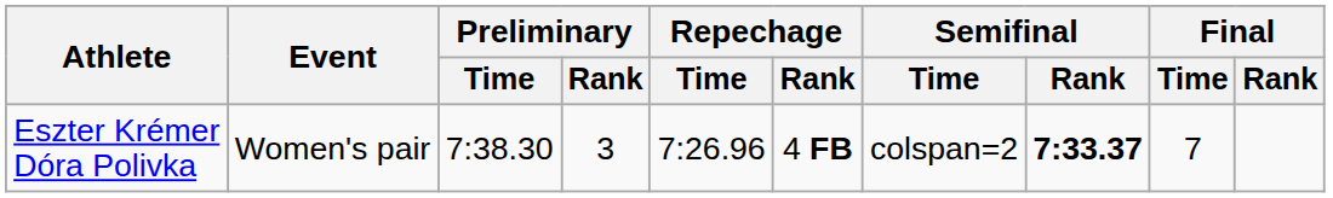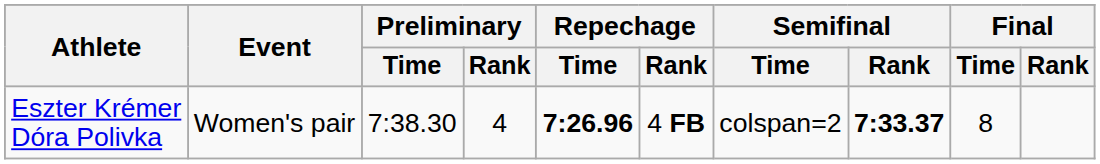 <table class="wikitable" style="font-size:90%">
 <tr>
 <th rowspan=2>Athlete</th>
 <th rowspan=2>Event</th>
 <th colspan="2">Preliminary</th>
 <th colspan="2">Repechage</th>
 <th colspan="2">Semifinal</th>
 <th colspan="2">Final</th>
 </tr>
 <tr style="font-size:95%">
 <th>Time</th>
 <th>Rank</th>
 <th>Time</th>
 <th>Rank</th>
 <th>Time</th>
 <th>Rank</th>
 <th>Time</th>
 <th>Rank</th>
 </tr>
 <tr align=center>
 <td align=left><a href='#'>Eszter Krémer</a><br><a href='#'>Dóra Polivka</a></td>
 <td>Women's pair</td>
 <td>7:38.30</td>
-<td>3</td>
-<td>7:26.96</td>
+<td>4</td>
+<td><strong>7:26.96</strong></td>
 <td>4 <strong>FB</strong></td>
 <td>colspan=2 </td>
 <td><strong>7:33.37</strong></td>
-<td>7</td>
+<td>8</td>
 </tr>
 </table>
